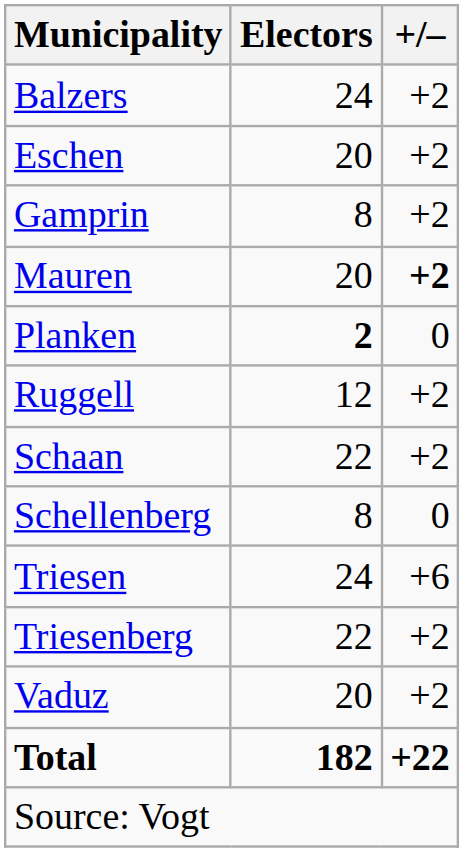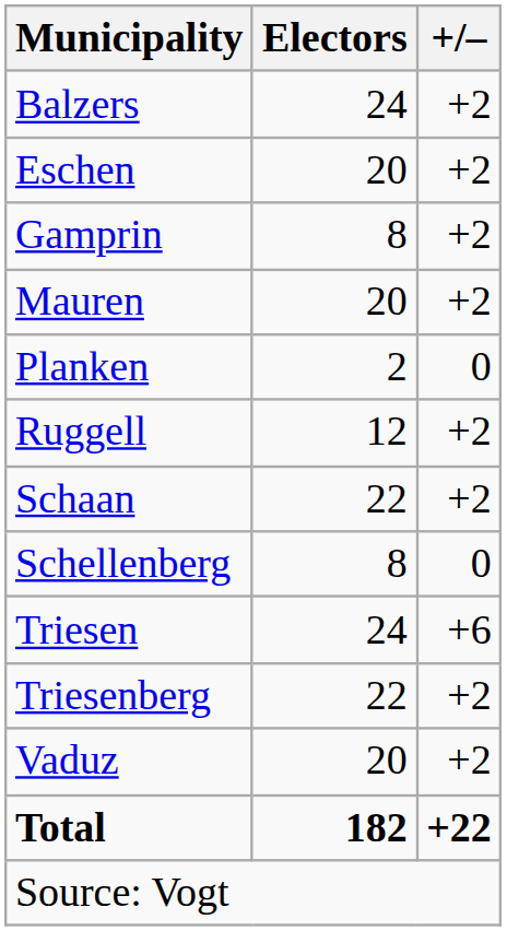 <table class="wikitable">
 <tr>
 <th>Municipality</th>
 <th>Electors</th>
 <th>+/–</th>
 </tr>
 <tr>
 <td><a href='#'>Balzers</a></td>
 <td style="text-align: right;">24</td>
 <td align="right">+2</td>
 </tr>
 <tr>
 <td><a href='#'>Eschen</a></td>
 <td style="text-align: right;">20</td>
 <td align="right">+2</td>
 </tr>
 <tr>
 <td><a href='#'>Gamprin</a></td>
 <td style="text-align: right;">8</td>
 <td align="right">+2</td>
 </tr>
 <tr>
 <td><a href='#'>Mauren</a></td>
 <td style="text-align: right;">20</td>
-<td align="right"><strong>+2</strong></td>
+<td align="right">+2</td>
 </tr>
 <tr>
 <td><a href='#'>Planken</a></td>
-<td style="text-align: right;"><strong>2</strong></td>
+<td style="text-align: right;">2</td>
 <td align="right">0</td>
 </tr>
 <tr>
 <td><a href='#'>Ruggell</a></td>
 <td style="text-align: right;">12</td>
 <td align="right">+2</td>
 </tr>
 <tr>
 <td><a href='#'>Schaan</a></td>
 <td style="text-align: right;">22</td>
 <td align="right">+2</td>
 </tr>
 <tr>
 <td><a href='#'>Schellenberg</a></td>
 <td style="text-align: right;">8</td>
 <td align="right">0</td>
 </tr>
 <tr>
 <td><a href='#'>Triesen</a></td>
 <td style="text-align: right;">24</td>
 <td align="right">+6</td>
 </tr>
 <tr>
 <td><a href='#'>Triesenberg</a></td>
 <td style="text-align: right;">22</td>
 <td align="right">+2</td>
 </tr>
 <tr>
 <td><a href='#'>Vaduz</a></td>
 <td style="text-align: right;">20</td>
 <td align="right">+2</td>
 </tr>
 <tr>
 <td><strong>Total</strong></td>
 <td align="right"><strong>182</strong></td>
 <td align="right"><strong>+22</strong></td>
 </tr>
 <tr>
 <td colspan="3">Source: Vogt</td>
 </tr>
 </table>
